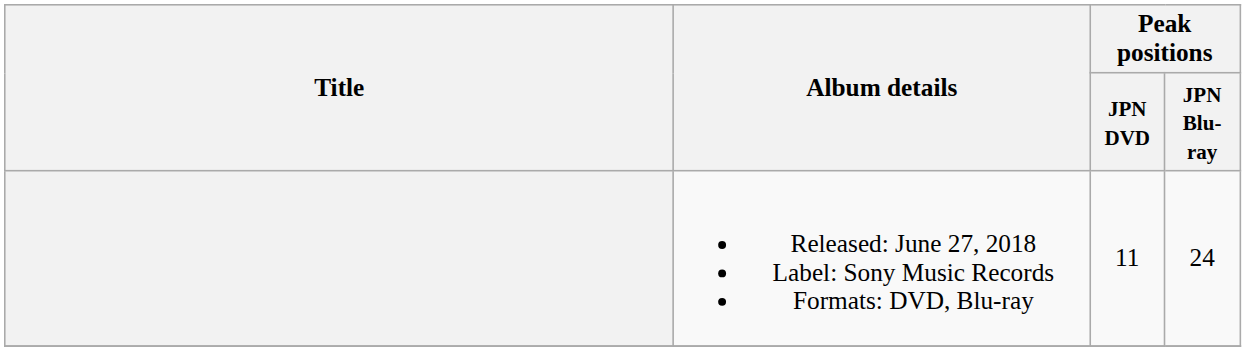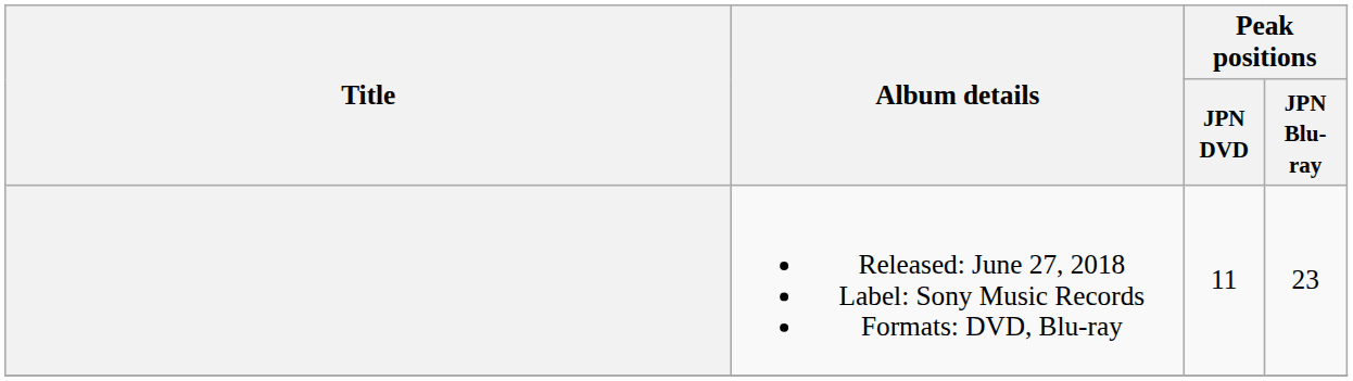 <table class="wikitable plainrowheaders" style="text-align:center;">
 <tr>
 <th style="width:26em;" rowspan="2">Title</th>
 <th style="width:16em;" rowspan="2">Album details</th>
 <th colspan="2">Peak positions</th>
 </tr>
 <tr>
 <th style="width:2.5em;"><small>JPN DVD</small><br></th>
 <th style="width:2.5em;"><small>JPN Blu-ray</small><br></th>
 </tr>
 <tr>
 <th scope="row"></th>
 <td><br><ul><li>Released: June 27, 2018 </li><li>Label: Sony Music Records</li><li>Formats: DVD, Blu-ray</li></ul></td>
 <td>11</td>
-<td>24</td>
+<td>23</td>
 </tr>
 <tr>
 </tr>
 </table>
